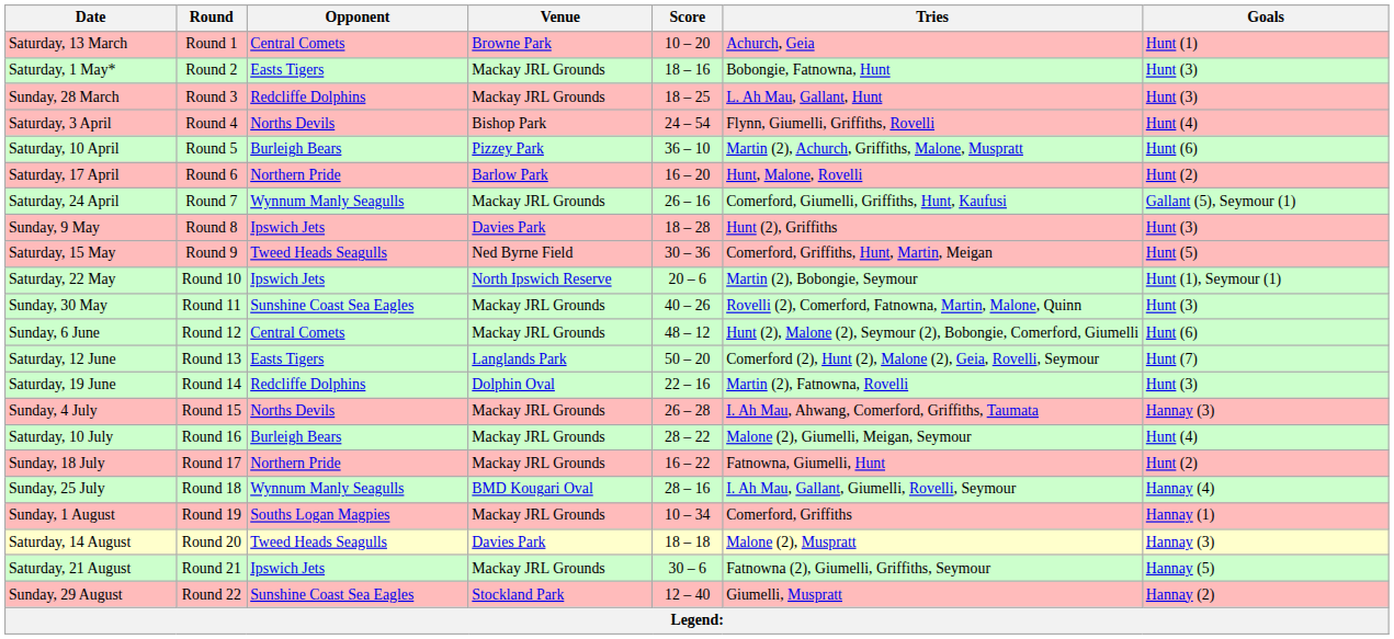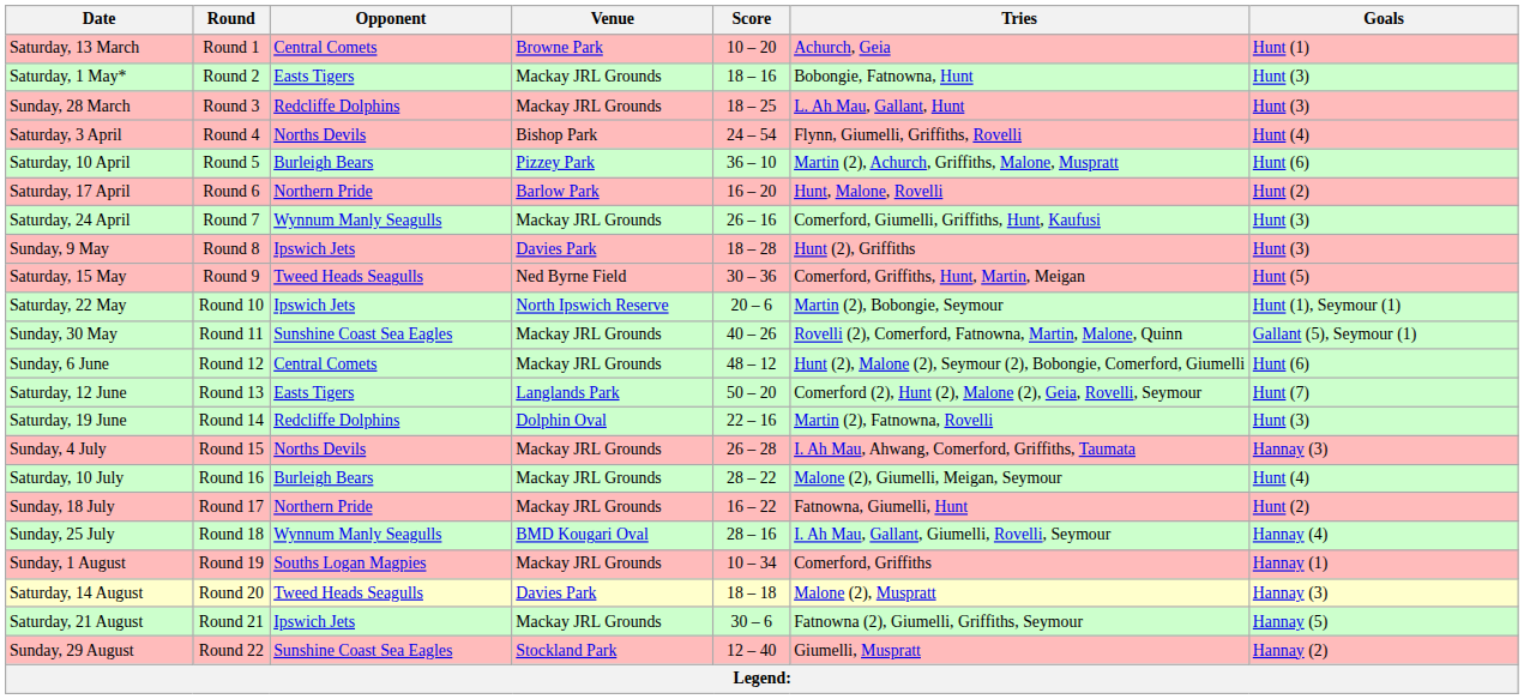 <table class="wikitable" style="font-size:75%;">
 <tr>
 <th style="width:130px;">Date</th>
 <th style="width:50px;">Round</th>
 <th style="width:170px;">Opponent</th>
 <th style="width:140px;">Venue</th>
 <th style="width:50px;">Score</th>
 <th style="width:300x;">Tries</th>
 <th style="width:190px;">Goals</th>
 </tr>
 <tr style="background:#FFBBBB">
 <td>Saturday, 13 March</td>
 <td style="text-align:center;">Round 1</td>
 <td> <a href='#'>Central Comets</a></td>
 <td><a href='#'>Browne Park</a></td>
 <td style="text-align:center;">10 – 20</td>
 <td><a href='#'>Achurch</a>, <a href='#'>Geia</a></td>
 <td><a href='#'>Hunt</a> (1)</td>
 </tr>
 <tr style="background:#CCFFCC">
 <td>Saturday, 1 May*</td>
 <td style="text-align:center;">Round 2</td>
 <td> <a href='#'>Easts Tigers</a></td>
 <td>Mackay JRL Grounds</td>
 <td style="text-align:center;">18 – 16</td>
 <td>Bobongie, Fatnowna, <a href='#'>Hunt</a></td>
 <td><a href='#'>Hunt</a> (3)</td>
 </tr>
 <tr style="background:#FFBBBB">
 <td>Sunday, 28 March</td>
 <td style="text-align:center;">Round 3</td>
 <td> <a href='#'>Redcliffe Dolphins</a></td>
 <td>Mackay JRL Grounds</td>
 <td style="text-align:center;">18 – 25</td>
 <td><a href='#'>L. Ah Mau</a>, <a href='#'>Gallant</a>, <a href='#'>Hunt</a></td>
 <td><a href='#'>Hunt</a> (3)</td>
 </tr>
 <tr style="background:#FFBBBB">
 <td>Saturday, 3 April</td>
 <td style="text-align:center;">Round 4</td>
 <td> <a href='#'>Norths Devils</a></td>
 <td>Bishop Park</td>
 <td style="text-align:center;">24 – 54</td>
 <td>Flynn, Giumelli, Griffiths, <a href='#'>Rovelli</a></td>
 <td><a href='#'>Hunt</a> (4)</td>
 </tr>
 <tr style="background:#CCFFCC">
 <td>Saturday, 10 April</td>
 <td style="text-align:center;">Round 5</td>
 <td> <a href='#'>Burleigh Bears</a></td>
 <td><a href='#'>Pizzey Park</a></td>
 <td style="text-align:center;">36 – 10</td>
 <td><a href='#'>Martin</a> (2), <a href='#'>Achurch</a>, Griffiths, <a href='#'>Malone</a>, <a href='#'>Muspratt</a></td>
 <td><a href='#'>Hunt</a> (6)</td>
 </tr>
 <tr style="background:#FFBBBB">
 <td>Saturday, 17 April</td>
 <td style="text-align:center;">Round 6</td>
 <td> <a href='#'>Northern Pride</a></td>
 <td><a href='#'>Barlow Park</a></td>
 <td style="text-align:center;">16 – 20</td>
 <td><a href='#'>Hunt</a>, <a href='#'>Malone</a>, <a href='#'>Rovelli</a></td>
 <td><a href='#'>Hunt</a> (2)</td>
 </tr>
 <tr style="background:#CCFFCC">
 <td>Saturday, 24 April</td>
 <td style="text-align:center;">Round 7</td>
 <td> <a href='#'>Wynnum Manly Seagulls</a></td>
 <td>Mackay JRL Grounds</td>
 <td style="text-align:center;">26 – 16</td>
 <td>Comerford, Giumelli, Griffiths, <a href='#'>Hunt</a>, <a href='#'>Kaufusi</a></td>
-<td><a href='#'>Gallant</a> (5), Seymour (1)</td>
+<td><a href='#'>Hunt</a> (3)</td>
 </tr>
 <tr style="background:#FFBBBB">
 <td>Sunday, 9 May</td>
 <td style="text-align:center;">Round 8</td>
 <td> <a href='#'>Ipswich Jets</a></td>
 <td><a href='#'>Davies Park</a></td>
 <td style="text-align:center;">18 – 28</td>
 <td><a href='#'>Hunt</a> (2), Griffiths</td>
 <td><a href='#'>Hunt</a> (3)</td>
 </tr>
 <tr style="background:#FFBBBB">
 <td>Saturday, 15 May</td>
 <td style="text-align:center;">Round 9</td>
 <td> <a href='#'>Tweed Heads Seagulls</a></td>
 <td>Ned Byrne Field</td>
 <td style="text-align:center;">30 – 36</td>
 <td>Comerford, Griffiths, <a href='#'>Hunt</a>, <a href='#'>Martin</a>, Meigan</td>
 <td><a href='#'>Hunt</a> (5)</td>
 </tr>
 <tr style="background:#CCFFCC">
 <td>Saturday, 22 May</td>
 <td style="text-align:center;">Round 10</td>
 <td> <a href='#'>Ipswich Jets</a></td>
 <td><a href='#'>North Ipswich Reserve</a></td>
 <td style="text-align:center;">20 – 6</td>
 <td><a href='#'>Martin</a> (2), Bobongie, Seymour</td>
 <td><a href='#'>Hunt</a> (1), Seymour (1)</td>
 </tr>
 <tr style="background:#CCFFCC">
 <td>Sunday, 30 May</td>
 <td style="text-align:center;">Round 11</td>
 <td> <a href='#'>Sunshine Coast Sea Eagles</a></td>
 <td>Mackay JRL Grounds</td>
 <td style="text-align:center;">40 – 26</td>
 <td><a href='#'>Rovelli</a> (2), Comerford, Fatnowna, <a href='#'>Martin</a>, <a href='#'>Malone</a>, Quinn</td>
-<td><a href='#'>Hunt</a> (3)</td>
+<td><a href='#'>Gallant</a> (5), Seymour (1)</td>
 </tr>
 <tr style="background:#CCFFCC">
 <td>Sunday, 6 June</td>
 <td style="text-align:center;">Round 12</td>
 <td> <a href='#'>Central Comets</a></td>
 <td>Mackay JRL Grounds</td>
 <td style="text-align:center;">48 – 12</td>
 <td><a href='#'>Hunt</a> (2), <a href='#'>Malone</a> (2), Seymour (2), Bobongie, Comerford, Giumelli</td>
 <td><a href='#'>Hunt</a> (6)</td>
 </tr>
 <tr style="background:#CCFFCC">
 <td>Saturday, 12 June</td>
 <td style="text-align:center;">Round 13</td>
 <td> <a href='#'>Easts Tigers</a></td>
 <td><a href='#'>Langlands Park</a></td>
 <td style="text-align:center;">50 – 20</td>
 <td>Comerford (2), <a href='#'>Hunt</a> (2), <a href='#'>Malone</a> (2), <a href='#'>Geia</a>, <a href='#'>Rovelli</a>, Seymour</td>
 <td><a href='#'>Hunt</a> (7)</td>
 </tr>
 <tr style="background:#CCFFCC">
 <td>Saturday, 19 June</td>
 <td style="text-align:center;">Round 14</td>
 <td> <a href='#'>Redcliffe Dolphins</a></td>
 <td><a href='#'>Dolphin Oval</a></td>
 <td style="text-align:center;">22 – 16</td>
 <td><a href='#'>Martin</a> (2), Fatnowna, <a href='#'>Rovelli</a></td>
 <td><a href='#'>Hunt</a> (3)</td>
 </tr>
 <tr style="background:#FFBBBB">
 <td>Sunday, 4 July</td>
 <td style="text-align:center;">Round 15</td>
 <td> <a href='#'>Norths Devils</a></td>
 <td>Mackay JRL Grounds</td>
 <td style="text-align:center;">26 – 28</td>
 <td><a href='#'>I. Ah Mau</a>, Ahwang, Comerford, Griffiths, <a href='#'>Taumata</a></td>
 <td><a href='#'>Hannay</a> (3)</td>
 </tr>
 <tr style="background:#CCFFCC">
 <td>Saturday, 10 July</td>
 <td style="text-align:center;">Round 16</td>
 <td> <a href='#'>Burleigh Bears</a></td>
 <td>Mackay JRL Grounds</td>
 <td style="text-align:center;">28 – 22</td>
 <td><a href='#'>Malone</a> (2), Giumelli, Meigan, Seymour</td>
 <td><a href='#'>Hunt</a> (4)</td>
 </tr>
 <tr style="background:#FFBBBB">
 <td>Sunday, 18 July</td>
 <td style="text-align:center;">Round 17</td>
 <td> <a href='#'>Northern Pride</a></td>
 <td>Mackay JRL Grounds</td>
 <td style="text-align:center;">16 – 22</td>
 <td>Fatnowna, Giumelli, <a href='#'>Hunt</a></td>
 <td><a href='#'>Hunt</a> (2)</td>
 </tr>
 <tr style="background:#CCFFCC">
 <td>Sunday, 25 July</td>
 <td style="text-align:center;">Round 18</td>
 <td> <a href='#'>Wynnum Manly Seagulls</a></td>
 <td><a href='#'>BMD Kougari Oval</a></td>
 <td style="text-align:center;">28 – 16</td>
 <td><a href='#'>I. Ah Mau</a>, <a href='#'>Gallant</a>, Giumelli, <a href='#'>Rovelli</a>, Seymour</td>
 <td><a href='#'>Hannay</a> (4)</td>
 </tr>
 <tr style="background:#FFBBBB">
 <td>Sunday, 1 August</td>
 <td style="text-align:center;">Round 19</td>
 <td> <a href='#'>Souths Logan Magpies</a></td>
 <td>Mackay JRL Grounds</td>
 <td style="text-align:center;">10 – 34</td>
 <td>Comerford, Griffiths</td>
 <td><a href='#'>Hannay</a> (1)</td>
 </tr>
 <tr style="background:#FFFFCC">
 <td>Saturday, 14 August</td>
 <td style="text-align:center;">Round 20</td>
 <td> <a href='#'>Tweed Heads Seagulls</a></td>
 <td><a href='#'>Davies Park</a></td>
 <td style="text-align:center;">18 – 18</td>
 <td><a href='#'>Malone</a> (2), <a href='#'>Muspratt</a></td>
 <td><a href='#'>Hannay</a> (3)</td>
 </tr>
 <tr style="background:#CCFFCC">
 <td>Saturday, 21 August</td>
 <td style="text-align:center;">Round 21</td>
 <td> <a href='#'>Ipswich Jets</a></td>
 <td>Mackay JRL Grounds</td>
 <td style="text-align:center;">30 – 6</td>
 <td>Fatnowna (2), Giumelli, Griffiths, Seymour</td>
 <td><a href='#'>Hannay</a> (5)</td>
 </tr>
 <tr style="background:#FFBBBB">
 <td>Sunday, 29 August</td>
 <td style="text-align:center;">Round 22</td>
 <td> <a href='#'>Sunshine Coast Sea Eagles</a></td>
 <td><a href='#'>Stockland Park</a></td>
 <td style="text-align:center;">12 – 40</td>
 <td>Giumelli, <a href='#'>Muspratt</a></td>
 <td><a href='#'>Hannay</a> (2)</td>
 </tr>
 <tr>
 <th colspan="11"><strong>Legend</strong>:    </th>
 </tr>
 </table>
